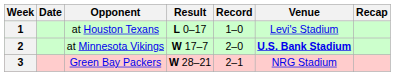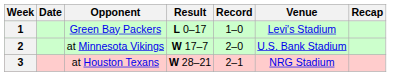 <table class="wikitable" style="text-align:center">
 <tr>
 <th>Week</th>
 <th>Date</th>
 <th>Opponent</th>
 <th>Result</th>
 <th>Record</th>
 <th>Venue</th>
 <th>Recap</th>
 </tr>
 <tr style="background:#cfc">
 <th>1</th>
 <td></td>
-<td>at <a href='#'>Houston Texans</a></td>
+<td><a href='#'>Green Bay Packers</a></td>
 <td><strong>L</strong> 0–17</td>
 <td>1–0</td>
 <td><a href='#'>Levi's Stadium</a></td>
 <td></td>
 </tr>
 <tr style="background:#cfc">
 <th>2</th>
 <td></td>
 <td>at <a href='#'>Minnesota Vikings</a></td>
 <td><strong>W</strong> 17–7</td>
 <td>2–0</td>
-<td><strong><a href='#'>U.S. Bank Stadium</a></strong></td>
+<td><a href='#'>U.S. Bank Stadium</a></td>
 <td></td>
 </tr>
 <tr style="background:#fcc">
 <th>3</th>
 <td></td>
-<td><a href='#'>Green Bay Packers</a></td>
+<td>at <a href='#'>Houston Texans</a></td>
 <td><strong>W</strong> 28–21</td>
 <td>2–1</td>
 <td><a href='#'>NRG Stadium</a></td>
 <td></td>
 </tr>
 </table>
